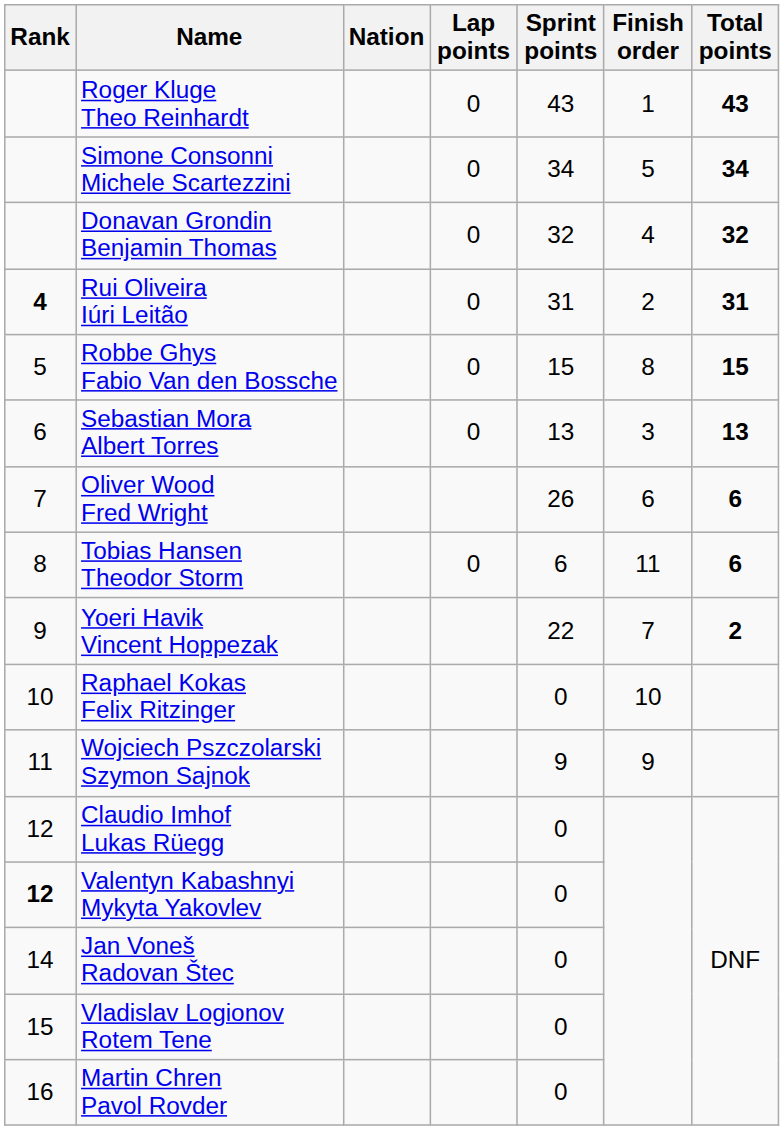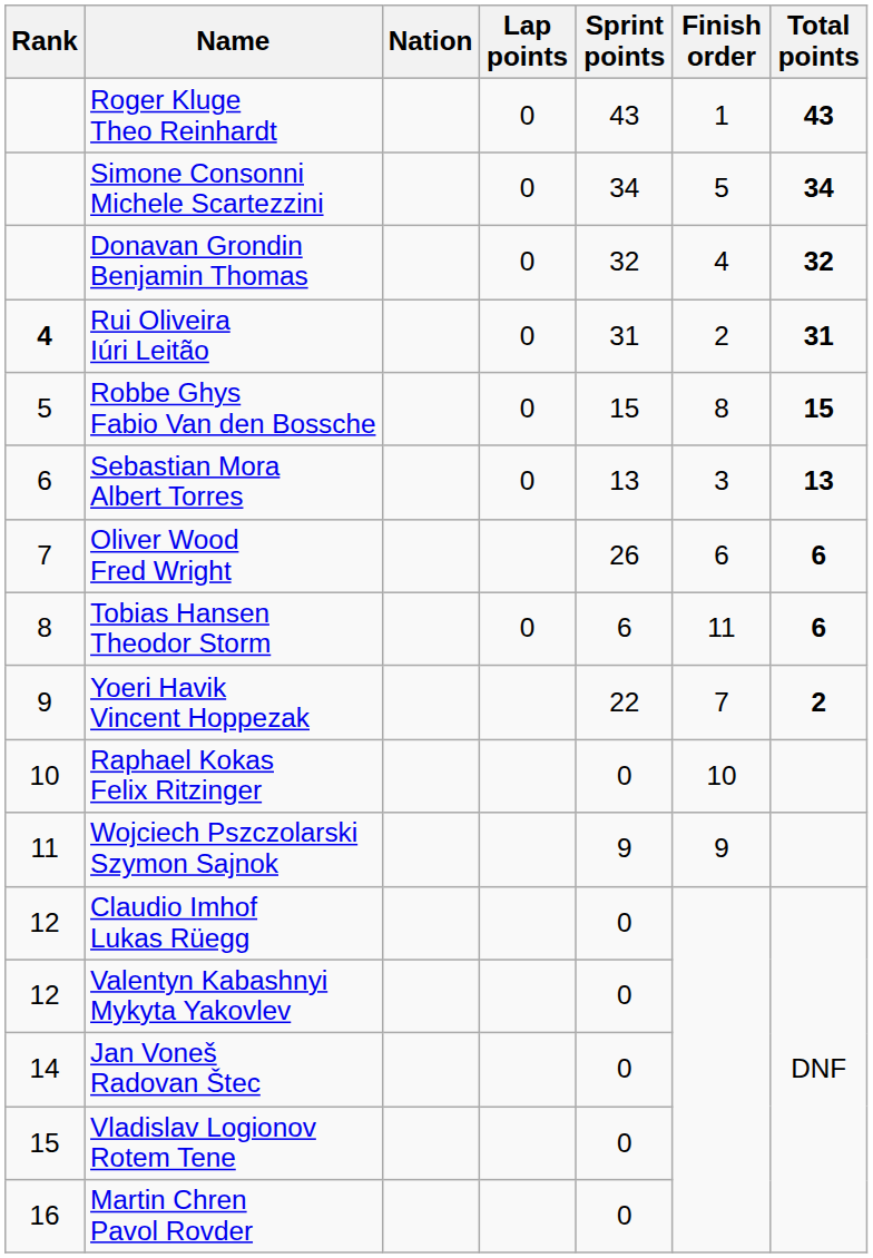 <table class="wikitable sortable" style="text-align:center">
 <tr>
 <th>Rank</th>
 <th>Name</th>
 <th>Nation</th>
 <th width=50>Lap points</th>
 <th width=50>Sprint points</th>
 <th width=50>Finish order</th>
 <th width=50>Total points</th>
 </tr>
 <tr>
 <td></td>
 <td align=left><a href='#'>Roger Kluge</a><br><a href='#'>Theo Reinhardt</a></td>
 <td align=left></td>
 <td>0</td>
 <td>43</td>
 <td>1</td>
 <td><strong>43</strong></td>
 </tr>
 <tr>
 <td></td>
 <td align=left><a href='#'>Simone Consonni</a><br><a href='#'>Michele Scartezzini</a></td>
 <td align=left></td>
 <td>0</td>
 <td>34</td>
 <td>5</td>
 <td><strong>34</strong></td>
 </tr>
 <tr>
 <td></td>
 <td align=left><a href='#'>Donavan Grondin</a><br><a href='#'>Benjamin Thomas</a></td>
 <td align=left></td>
 <td>0</td>
 <td>32</td>
 <td>4</td>
 <td><strong>32</strong></td>
 </tr>
 <tr>
 <td><strong>4</strong></td>
 <td align=left><a href='#'>Rui Oliveira</a><br><a href='#'>Iúri Leitão</a></td>
 <td align=left></td>
 <td>0</td>
 <td>31</td>
 <td>2</td>
 <td><strong>31</strong></td>
 </tr>
 <tr>
 <td>5</td>
 <td align=left><a href='#'>Robbe Ghys</a><br><a href='#'>Fabio Van den Bossche</a></td>
 <td align=left></td>
 <td>0</td>
 <td>15</td>
 <td>8</td>
 <td><strong>15</strong></td>
 </tr>
 <tr>
 <td>6</td>
 <td align=left><a href='#'>Sebastian Mora</a><br><a href='#'>Albert Torres</a></td>
 <td align=left></td>
 <td>0</td>
 <td>13</td>
 <td>3</td>
 <td><strong>13</strong></td>
 </tr>
 <tr>
 <td>7</td>
 <td align=left><a href='#'>Oliver Wood</a><br><a href='#'>Fred Wright</a></td>
 <td align=left></td>
 <td></td>
 <td>26</td>
 <td>6</td>
 <td><strong>6</strong></td>
 </tr>
 <tr>
 <td>8</td>
 <td align=left><a href='#'>Tobias Hansen</a><br><a href='#'>Theodor Storm</a></td>
 <td align=left></td>
 <td>0</td>
 <td>6</td>
 <td>11</td>
 <td><strong>6</strong></td>
 </tr>
 <tr>
 <td>9</td>
 <td align=left><a href='#'>Yoeri Havik</a><br><a href='#'>Vincent Hoppezak</a></td>
 <td align=left></td>
 <td></td>
 <td>22</td>
 <td>7</td>
 <td><strong>2</strong></td>
 </tr>
 <tr>
 <td>10</td>
 <td align=left><a href='#'>Raphael Kokas</a><br><a href='#'>Felix Ritzinger</a></td>
 <td align=left></td>
 <td></td>
 <td>0</td>
 <td>10</td>
 <td><strong></strong></td>
 </tr>
 <tr>
 <td>11</td>
 <td align=left><a href='#'>Wojciech Pszczolarski</a><br><a href='#'>Szymon Sajnok</a></td>
 <td align=left></td>
 <td></td>
 <td>9</td>
 <td>9</td>
 <td><strong></strong></td>
 </tr>
 <tr>
 <td>12</td>
 <td align=left><a href='#'>Claudio Imhof</a><br><a href='#'>Lukas Rüegg</a></td>
 <td align=left></td>
 <td></td>
 <td>0</td>
 <td rowspan=5></td>
 <td rowspan=5>DNF</td>
 </tr>
 <tr>
-<td><strong>12</strong></td>
+<td>12</td>
 <td align=left><a href='#'>Valentyn Kabashnyi</a><br><a href='#'>Mykyta Yakovlev</a></td>
 <td align=left></td>
 <td></td>
 <td>0</td>
 </tr>
 <tr>
 <td>14</td>
 <td align=left><a href='#'>Jan Voneš</a><br><a href='#'>Radovan Štec</a></td>
 <td align=left></td>
 <td></td>
 <td>0</td>
 </tr>
 <tr>
 <td>15</td>
 <td align=left><a href='#'>Vladislav Logionov</a><br><a href='#'>Rotem Tene</a></td>
 <td align=left></td>
 <td></td>
 <td>0</td>
 </tr>
 <tr>
 <td>16</td>
 <td align=left><a href='#'>Martin Chren</a><br><a href='#'>Pavol Rovder</a></td>
 <td align=left></td>
 <td></td>
 <td>0</td>
 </tr>
 </table>
